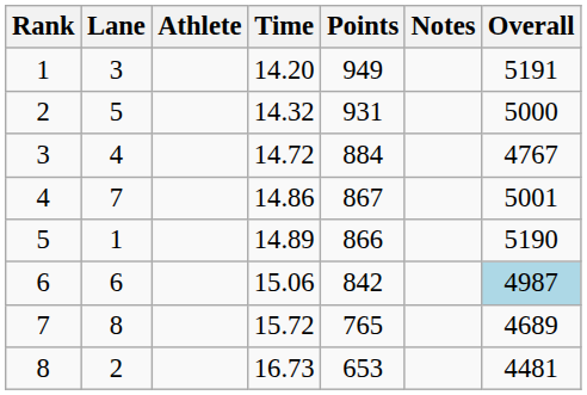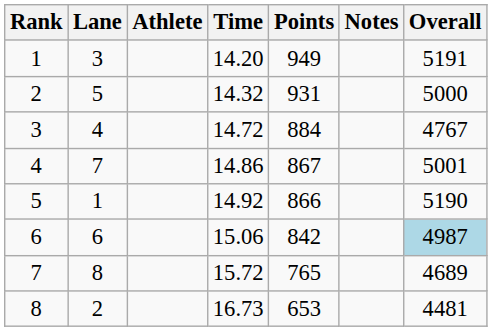 <table class="wikitable sortable" style="text-align:center">
 <tr>
 <th>Rank</th>
 <th>Lane</th>
 <th>Athlete</th>
 <th>Time</th>
 <th>Points</th>
 <th>Notes</th>
 <th>Overall</th>
 </tr>
 <tr>
 <td>1</td>
 <td>3</td>
 <td align="left"></td>
 <td>14.20</td>
 <td>949</td>
 <td></td>
 <td>5191</td>
 </tr>
 <tr>
 <td>2</td>
 <td>5</td>
 <td align="left"></td>
 <td>14.32</td>
 <td>931</td>
 <td></td>
 <td>5000</td>
 </tr>
 <tr>
 <td>3</td>
 <td>4</td>
 <td align="left"></td>
 <td>14.72</td>
 <td>884</td>
 <td></td>
 <td>4767</td>
 </tr>
 <tr>
 <td>4</td>
 <td>7</td>
 <td align="left"></td>
 <td>14.86</td>
 <td>867</td>
 <td></td>
 <td>5001</td>
 </tr>
 <tr>
 <td>5</td>
 <td>1</td>
 <td align="left"></td>
-<td>14.89</td>
+<td>14.92</td>
 <td>866</td>
 <td></td>
 <td>5190</td>
 </tr>
 <tr>
 <td>6</td>
 <td>6</td>
 <td align="left"></td>
 <td>15.06</td>
 <td>842</td>
 <td></td>
 <td style="background: lightblue;">4987</td>
 </tr>
 <tr>
 <td>7</td>
 <td>8</td>
 <td align="left"></td>
 <td>15.72</td>
 <td>765</td>
 <td></td>
 <td>4689</td>
 </tr>
 <tr>
 <td>8</td>
 <td>2</td>
 <td align="left"></td>
 <td>16.73</td>
 <td>653</td>
 <td></td>
 <td>4481</td>
 </tr>
 </table>
